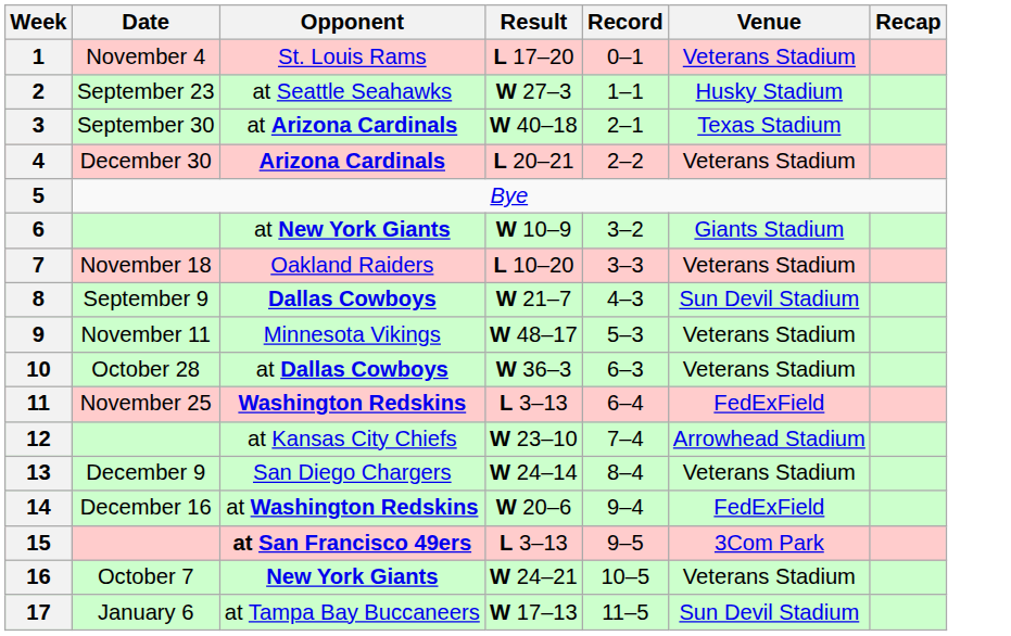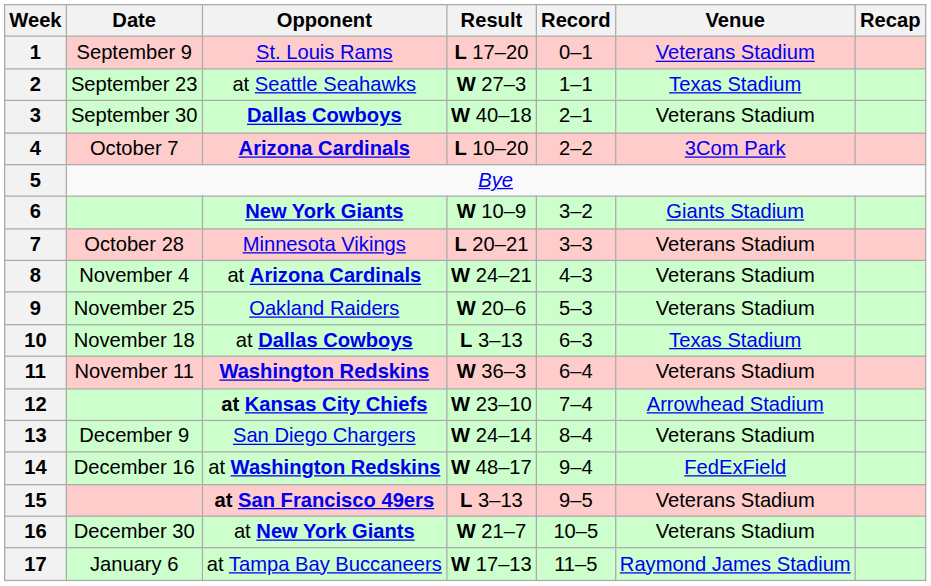 <table class="wikitable" style="text-align:center">
 <tr>
 <th>Week</th>
 <th>Date</th>
 <th>Opponent</th>
 <th>Result</th>
 <th>Record</th>
 <th>Venue</th>
 <th>Recap</th>
 </tr>
 <tr style="background:#fcc">
 <th>1</th>
-<td>November 4</td>
+<td>September 9</td>
 <td><a href='#'>St. Louis Rams</a></td>
 <td><strong>L</strong> 17–20 </td>
 <td>0–1</td>
 <td><a href='#'>Veterans Stadium</a></td>
 <td></td>
 </tr>
 <tr style="background:#cfc">
 <th>2</th>
 <td>September 23</td>
 <td>at <a href='#'>Seattle Seahawks</a></td>
 <td><strong>W</strong> 27–3</td>
 <td>1–1</td>
-<td><a href='#'>Husky Stadium</a></td>
+<td><a href='#'>Texas Stadium</a></td>
 <td></td>
 </tr>
 <tr style="background:#cfc">
 <th>3</th>
 <td>September 30</td>
-<td>at <strong><a href='#'>Arizona Cardinals</a></strong></td>
+<td><strong><a href='#'>Dallas Cowboys</a></strong></td>
 <td><strong>W</strong> 40–18</td>
 <td>2–1</td>
-<td><a href='#'>Texas Stadium</a></td>
+<td>Veterans Stadium</td>
 <td></td>
 </tr>
 <tr style="background:#fcc">
 <th>4</th>
-<td>December 30</td>
+<td>October 7</td>
 <td><strong><a href='#'>Arizona Cardinals</a></strong></td>
-<td><strong>L</strong> 20–21</td>
+<td><strong>L</strong> 10–20</td>
 <td>2–2</td>
-<td>Veterans Stadium</td>
+<td><a href='#'>3Com Park</a></td>
 <td></td>
 </tr>
 <tr>
 <th>5</th>
 <td colspan="6"><em><a href='#'>Bye</a></em></td>
 </tr>
 <tr style="background:#cfc">
 <th>6</th>
 <td></td>
-<td>at <strong><a href='#'>New York Giants</a></strong></td>
+<td><strong><a href='#'>New York Giants</a></strong></td>
 <td><strong>W</strong> 10–9</td>
 <td>3–2</td>
 <td><a href='#'>Giants Stadium</a></td>
 <td></td>
 </tr>
 <tr style="background:#fcc">
 <th>7</th>
-<td>November 18</td>
-<td><a href='#'>Oakland Raiders</a></td>
-<td><strong>L</strong> 10–20</td>
+<td>October 28</td>
+<td><a href='#'>Minnesota Vikings</a></td>
+<td><strong>L</strong> 20–21</td>
 <td>3–3</td>
 <td>Veterans Stadium</td>
 <td></td>
 </tr>
 <tr style="background:#cfc">
 <th>8</th>
-<td>September 9</td>
-<td><strong><a href='#'>Dallas Cowboys</a></strong></td>
-<td><strong>W</strong> 21–7</td>
+<td>November 4</td>
+<td>at <strong><a href='#'>Arizona Cardinals</a></strong></td>
+<td><strong>W</strong> 24–21</td>
 <td>4–3</td>
-<td><a href='#'>Sun Devil Stadium</a></td>
+<td>Veterans Stadium</td>
 <td></td>
 </tr>
 <tr style="background:#cfc">
 <th>9</th>
-<td>November 11</td>
-<td><a href='#'>Minnesota Vikings</a></td>
-<td><strong>W</strong> 48–17</td>
+<td>November 25</td>
+<td><a href='#'>Oakland Raiders</a></td>
+<td><strong>W</strong> 20–6</td>
 <td>5–3</td>
 <td>Veterans Stadium</td>
 <td></td>
 </tr>
 <tr style="background:#cfc">
 <th>10</th>
-<td>October 28</td>
+<td>November 18</td>
 <td>at <strong><a href='#'>Dallas Cowboys</a></strong></td>
-<td><strong>W</strong> 36–3</td>
+<td><strong>L</strong> 3–13</td>
 <td>6–3</td>
-<td>Veterans Stadium</td>
+<td><a href='#'>Texas Stadium</a></td>
 <td></td>
 </tr>
 <tr style="background:#fcc">
 <th>11</th>
-<td>November 25</td>
+<td>November 11</td>
 <td><strong><a href='#'>Washington Redskins</a></strong></td>
-<td><strong>L</strong> 3–13</td>
+<td><strong>W</strong> 36–3</td>
 <td>6–4</td>
-<td><a href='#'>FedExField</a></td>
+<td>Veterans Stadium</td>
 <td></td>
 </tr>
 <tr style="background:#cfc">
 <th>12</th>
 <td></td>
-<td>at <a href='#'>Kansas City Chiefs</a></td>
+<td><strong>at <a href='#'>Kansas City Chiefs</a></strong></td>
 <td><strong>W</strong> 23–10</td>
 <td>7–4</td>
 <td><a href='#'>Arrowhead Stadium</a></td>
 <td></td>
 </tr>
 <tr style="background:#cfc">
 <th>13</th>
 <td>December 9</td>
 <td><a href='#'>San Diego Chargers</a></td>
 <td><strong>W</strong> 24–14</td>
 <td>8–4</td>
 <td>Veterans Stadium</td>
 <td></td>
 </tr>
 <tr style="background:#cfc">
 <th>14</th>
 <td>December 16</td>
 <td>at <strong><a href='#'>Washington Redskins</a></strong></td>
-<td><strong>W</strong> 20–6</td>
+<td><strong>W</strong> 48–17</td>
 <td>9–4</td>
 <td><a href='#'>FedExField</a></td>
 <td></td>
 </tr>
 <tr style="background:#fcc">
 <th>15</th>
 <td></td>
 <td><strong>at <a href='#'>San Francisco 49ers</a></strong></td>
 <td><strong>L</strong> 3–13</td>
 <td>9–5</td>
-<td><a href='#'>3Com Park</a></td>
+<td>Veterans Stadium</td>
 <td></td>
 </tr>
 <tr style="background:#cfc">
 <th>16</th>
-<td>October 7</td>
-<td><strong><a href='#'>New York Giants</a></strong></td>
-<td><strong>W</strong> 24–21</td>
+<td>December 30</td>
+<td>at <strong><a href='#'>New York Giants</a></strong></td>
+<td><strong>W</strong> 21–7</td>
 <td>10–5</td>
 <td>Veterans Stadium</td>
 <td></td>
 </tr>
 <tr style="background:#cfc">
 <th>17</th>
 <td>January 6</td>
 <td>at <a href='#'>Tampa Bay Buccaneers</a></td>
 <td><strong>W</strong> 17–13</td>
 <td>11–5</td>
-<td><a href='#'>Sun Devil Stadium</a></td>
+<td><a href='#'>Raymond James Stadium</a></td>
 <td></td>
 </tr>
 </table>
